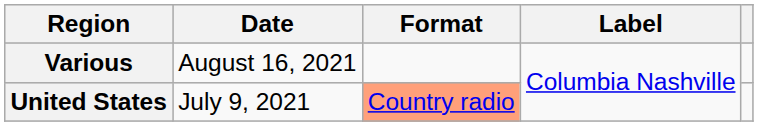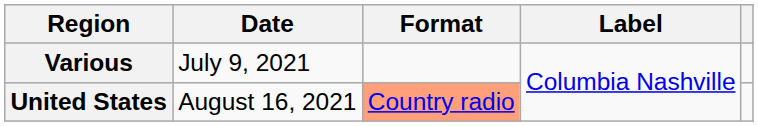 <table class="wikitable plainrowheaders">
 <tr>
 <th scope="col">Region</th>
 <th scope="col">Date</th>
 <th scope="col">Format</th>
 <th scope="col">Label</th>
 <th scope="col"></th>
 </tr>
 <tr>
 <th scope="row">Various</th>
-<td>August 16, 2021</td>
+<td>July 9, 2021</td>
 <td></td>
 <td rowspan="2"><a href='#'>Columbia Nashville</a></td>
 <td></td>
 </tr>
 <tr>
 <th scope="row">United States</th>
-<td>July 9, 2021</td>
+<td>August 16, 2021</td>
 <td style="background: lightsalmon;"><a href='#'>Country radio</a></td>
 <td></td>
 </tr>
 </table>
